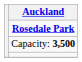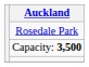 <table class="wikitable" style="text-align:center">
 <tr>
 <th rowspan="4"></th>
 <th><a href='#'>Auckland</a></th>
 </tr>
 <tr>
-<td><strong><a href='#'>Rosedale Park</a></strong></td>
+<td><a href='#'>Rosedale Park</a></td>
 </tr>
 <tr>
 <td>Capacity: <strong>3,500</strong></td>
 </tr>
 <tr>
 <td></td>
 </tr>
 <tr>
 </tr>
 </table>
